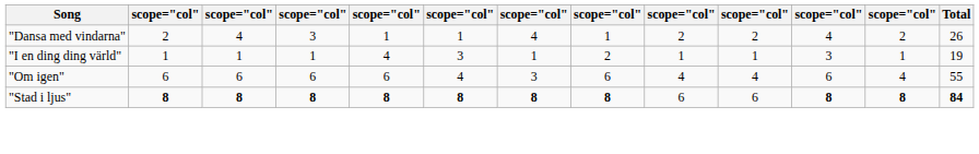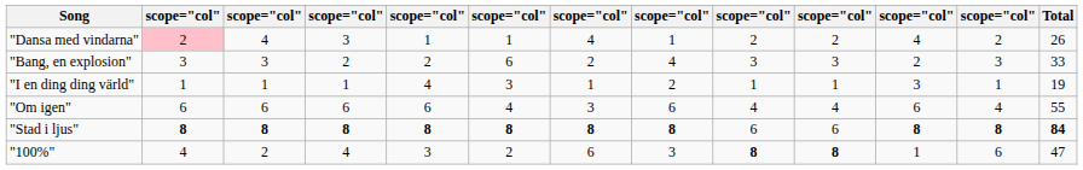 <table class="wikitable plainrowheaders" style="margin: 1em auto 1em auto; text-align:center;">
 <tr>
 <th scope="col">Song</th>
 <th>scope="col" </th>
 <th>scope="col" </th>
 <th>scope="col" </th>
 <th>scope="col" </th>
 <th>scope="col" </th>
 <th>scope="col" </th>
 <th>scope="col" </th>
 <th>scope="col" </th>
 <th>scope="col" </th>
 <th>scope="col" </th>
 <th>scope="col" </th>
 <th scope="col">Total</th>
 </tr>
 <tr --->
 <td align="left">"Dansa med vindarna"</td>
-<td>2</td>
+<td style="background: pink;">2</td>
 <td>4</td>
 <td>3</td>
 <td>1</td>
 <td>1</td>
 <td>4</td>
 <td>1</td>
 <td>2</td>
 <td>2</td>
 <td>4</td>
 <td>2</td>
 <td>26</td>
+</tr>
+<tr --->
+<td align="left">"Bang, en explosion"</td>
+<td>3</td>
+<td>3</td>
+<td>2</td>
+<td>2</td>
+<td>6</td>
+<td>2</td>
+<td>4</td>
+<td>3</td>
+<td>3</td>
+<td>2</td>
+<td>3</td>
+<td>33</td>
 </tr>
 <tr --->
 <td align="left">"I en ding ding värld"</td>
 <td>1</td>
 <td>1</td>
 <td>1</td>
 <td>4</td>
 <td>3</td>
 <td>1</td>
 <td>2</td>
 <td>1</td>
 <td>1</td>
 <td>3</td>
 <td>1</td>
 <td>19</td>
 </tr>
 <tr --->
 <td align="left">"Om igen"</td>
 <td>6</td>
 <td>6</td>
 <td>6</td>
 <td>6</td>
 <td>4</td>
 <td>3</td>
 <td>6</td>
 <td>4</td>
 <td>4</td>
 <td>6</td>
 <td>4</td>
 <td>55</td>
 </tr>
 <tr --->
 <td align="left">"Stad i ljus"</td>
 <td><strong>8</strong></td>
 <td><strong>8</strong></td>
 <td><strong>8</strong></td>
 <td><strong>8</strong></td>
 <td><strong>8</strong></td>
 <td><strong>8</strong></td>
 <td><strong>8</strong></td>
 <td>6</td>
 <td>6</td>
 <td><strong>8</strong></td>
 <td><strong>8</strong></td>
 <td><strong>84</strong></td>
 </tr>
+<tr --->
+<td align="left">"100%"</td>
+<td>4</td>
+<td>2</td>
+<td>4</td>
+<td>3</td>
+<td>2</td>
+<td>6</td>
+<td>3</td>
+<td><strong>8</strong></td>
+<td><strong>8</strong></td>
+<td>1</td>
+<td>6</td>
+<td>47</td>
+</tr>
 </table>
